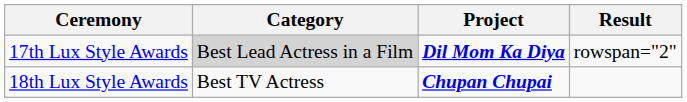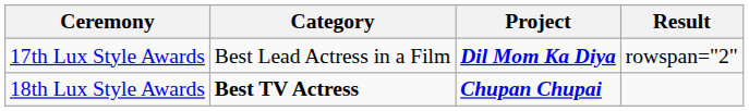 <table class="wikitable style">
 <tr>
 <th>Ceremony</th>
 <th>Category</th>
 <th>Project</th>
 <th>Result</th>
 </tr>
 <tr>
 <td><a href='#'>17th Lux Style Awards</a></td>
-<td style="background: lightgrey;">Best Lead Actress in a Film</td>
+<td>Best Lead Actress in a Film</td>
 <td><strong><em><a href='#'>Dil Mom Ka Diya</a></em></strong></td>
 <td>rowspan="2" </td>
 </tr>
 <tr>
 <td><a href='#'>18th Lux Style Awards</a></td>
-<td>Best TV Actress</td>
+<td><strong>Best TV Actress</strong></td>
 <td><strong><em><a href='#'>Chupan Chupai</a></em></strong></td>
 </tr>
 </table>
